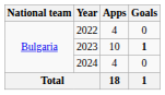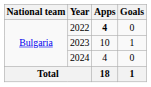 <table class="wikitable" style="text-align:center">
 <tr>
 <th>National team</th>
 <th>Year</th>
 <th>Apps</th>
 <th>Goals</th>
 </tr>
 <tr>
 <td rowspan="3"><a href='#'>Bulgaria</a></td>
 <td>2022</td>
-<td>4</td>
+<td><strong>4</strong></td>
 <td>0</td>
 </tr>
 <tr>
 <td>2023</td>
 <td>10</td>
-<td><strong>1</strong></td>
+<td>1</td>
 </tr>
 <tr>
 <td>2024</td>
 <td>4</td>
 <td>0</td>
 </tr>
 <tr>
 <th colspan="2">Total</th>
 <th>18</th>
 <th>1</th>
 </tr>
 </table>
